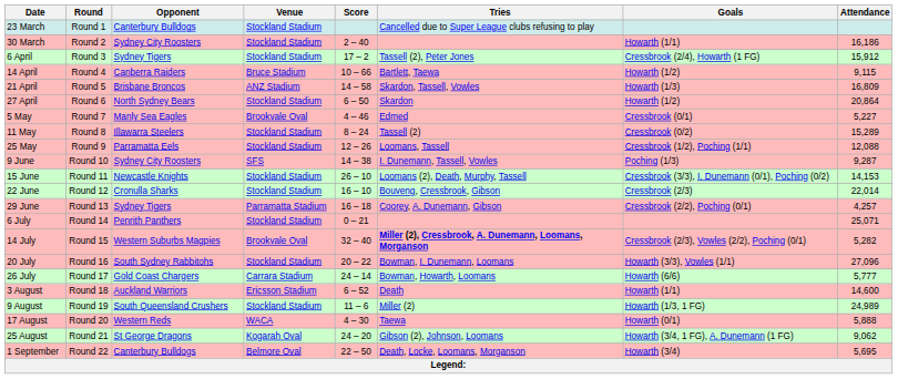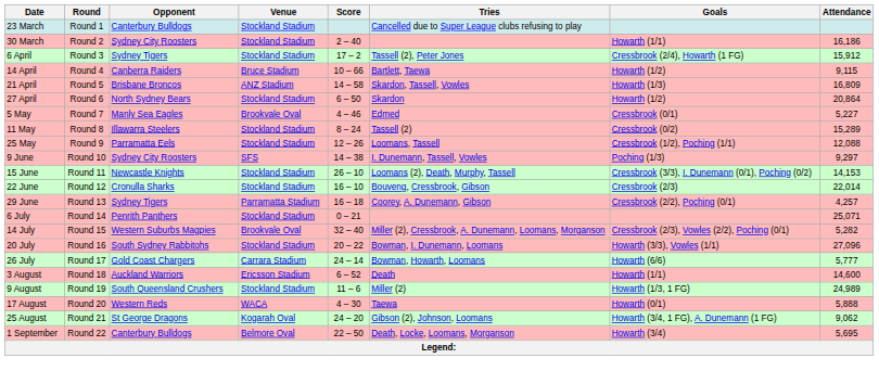 <table class="wikitable" style="font-size:75%;">
 <tr>
 <th style="width:75px;">Date</th>
 <th style="width:55px;">Round</th>
 <th style="width:170px;">Opponent</th>
 <th style="width:115px;">Venue</th>
 <th style="width:50px;">Score</th>
 <th style="width:320px;">Tries</th>
 <th style="width:280px;">Goals</th>
 <th style="width:50px;">Attendance</th>
 </tr>
 <tr style="background:#cfecec">
 <td>23 March</td>
 <td style="text-align:center;">Round 1</td>
 <td> <a href='#'>Canterbury Bulldogs</a></td>
 <td><a href='#'>Stockland Stadium</a></td>
 <td style="text-align:center;"></td>
 <td><a href='#'>Cancelled</a> due to <a href='#'>Super League</a> clubs refusing to play</td>
 <td></td>
 <td style="text-align:center;"></td>
 </tr>
 <tr style="background:#FFBBBB">
 <td>30 March</td>
 <td style="text-align:center;">Round 2</td>
 <td> <a href='#'>Sydney City Roosters</a></td>
 <td><a href='#'>Stockland Stadium</a></td>
 <td style="text-align:center;">2 – 40</td>
 <td></td>
 <td><a href='#'>Howarth</a> (1/1)</td>
 <td style="text-align:center;">16,186</td>
 </tr>
 <tr style="background:#CCFFCC">
 <td>6 April</td>
 <td style="text-align:center;">Round 3</td>
 <td> <a href='#'>Sydney Tigers</a></td>
 <td><a href='#'>Stockland Stadium</a></td>
 <td style="text-align:center;">17 – 2</td>
 <td><a href='#'>Tassell</a> (2), <a href='#'>Peter Jones</a></td>
 <td><a href='#'>Cressbrook</a> (2/4), <a href='#'>Howarth</a> (1 FG)</td>
 <td style="text-align:center;">15,912</td>
 </tr>
 <tr style="background:#FFBBBB">
 <td>14 April</td>
 <td style="text-align:center;">Round 4</td>
 <td> <a href='#'>Canberra Raiders</a></td>
 <td><a href='#'>Bruce Stadium</a></td>
 <td style="text-align:center;">10 – 66</td>
 <td><a href='#'>Bartlett</a>, <a href='#'>Taewa</a></td>
 <td><a href='#'>Howarth</a> (1/2)</td>
 <td style="text-align:center;">9,115</td>
 </tr>
 <tr style="background:#FFBBBB">
 <td>21 April</td>
 <td style="text-align:center;">Round 5</td>
 <td> <a href='#'>Brisbane Broncos</a></td>
 <td><a href='#'>ANZ Stadium</a></td>
 <td style="text-align:center;">14 – 58</td>
 <td><a href='#'>Skardon</a>, <a href='#'>Tassell</a>, <a href='#'>Vowles</a></td>
 <td><a href='#'>Howarth</a> (1/3)</td>
 <td style="text-align:center;">16,809</td>
 </tr>
 <tr style="background:#FFBBBB">
 <td>27 April</td>
 <td style="text-align:center;">Round 6</td>
 <td> <a href='#'>North Sydney Bears</a></td>
 <td><a href='#'>Stockland Stadium</a></td>
 <td style="text-align:center;">6 – 50</td>
 <td><a href='#'>Skardon</a></td>
 <td><a href='#'>Howarth</a> (1/2)</td>
 <td style="text-align:center;">20,864</td>
 </tr>
 <tr style="background:#FFBBBB">
 <td>5 May</td>
 <td style="text-align:center;">Round 7</td>
 <td> <a href='#'>Manly Sea Eagles</a></td>
 <td><a href='#'>Brookvale Oval</a></td>
 <td style="text-align:center;">4 – 46</td>
 <td><a href='#'>Edmed</a></td>
 <td><a href='#'>Cressbrook</a> (0/1)</td>
 <td style="text-align:center;">5,227</td>
 </tr>
 <tr style="background:#FFBBBB">
 <td>11 May</td>
 <td style="text-align:center;">Round 8</td>
 <td> <a href='#'>Illawarra Steelers</a></td>
 <td><a href='#'>Stockland Stadium</a></td>
 <td style="text-align:center;">8 – 24</td>
 <td><a href='#'>Tassell</a> (2)</td>
 <td><a href='#'>Cressbrook</a> (0/2)</td>
 <td style="text-align:center;">15,289</td>
 </tr>
 <tr style="background:#FFBBBB">
 <td>25 May</td>
 <td style="text-align:center;">Round 9</td>
 <td> <a href='#'>Parramatta Eels</a></td>
 <td><a href='#'>Stockland Stadium</a></td>
 <td style="text-align:center;">12 – 26</td>
 <td><a href='#'>Loomans</a>, <a href='#'>Tassell</a></td>
 <td><a href='#'>Cressbrook</a> (1/2), <a href='#'>Poching</a> (1/1)</td>
 <td style="text-align:center;">12,088</td>
 </tr>
 <tr style="background:#FFBBBB">
 <td>9 June</td>
 <td style="text-align:center;">Round 10</td>
 <td> <a href='#'>Sydney City Roosters</a></td>
 <td><a href='#'>SFS</a></td>
 <td style="text-align:center;">14 – 38</td>
 <td><a href='#'>I. Dunemann</a>, <a href='#'>Tassell</a>, <a href='#'>Vowles</a></td>
 <td><a href='#'>Poching</a> (1/3)</td>
-<td style="text-align:center;">9,287</td>
+<td style="text-align:center;">9,297</td>
 </tr>
 <tr style="background:#CCFFCC">
 <td>15 June</td>
 <td style="text-align:center;">Round 11</td>
 <td> <a href='#'>Newcastle Knights</a></td>
 <td><a href='#'>Stockland Stadium</a></td>
 <td style="text-align:center;">26 – 10</td>
 <td><a href='#'>Loomans</a> (2), <a href='#'>Death</a>, <a href='#'>Murphy</a>, <a href='#'>Tassell</a></td>
 <td><a href='#'>Cressbrook</a> (3/3), <a href='#'>I. Dunemann</a> (0/1), <a href='#'>Poching</a> (0/2)</td>
 <td style="text-align:center;">14,153</td>
 </tr>
 <tr style="background:#CCFFCC">
 <td>22 June</td>
 <td style="text-align:center;">Round 12</td>
 <td> <a href='#'>Cronulla Sharks</a></td>
 <td><a href='#'>Stockland Stadium</a></td>
 <td style="text-align:center;">16 – 10</td>
 <td><a href='#'>Bouveng</a>, <a href='#'>Cressbrook</a>, <a href='#'>Gibson</a></td>
 <td><a href='#'>Cressbrook</a> (2/3)</td>
 <td style="text-align:center;">22,014</td>
 </tr>
 <tr style="background:#FFBBBB">
 <td>29 June</td>
 <td style="text-align:center;">Round 13</td>
 <td> <a href='#'>Sydney Tigers</a></td>
 <td><a href='#'>Parramatta Stadium</a></td>
 <td style="text-align:center;">16 – 18</td>
 <td><a href='#'>Coorey</a>, <a href='#'>A. Dunemann</a>, <a href='#'>Gibson</a></td>
 <td><a href='#'>Cressbrook</a> (2/2), <a href='#'>Poching</a> (0/1)</td>
 <td style="text-align:center;">4,257</td>
 </tr>
 <tr style="background:#FFBBBB">
 <td>6 July</td>
 <td style="text-align:center;">Round 14</td>
 <td> <a href='#'>Penrith Panthers</a></td>
 <td><a href='#'>Stockland Stadium</a></td>
 <td style="text-align:center;">0 – 21</td>
 <td></td>
 <td></td>
 <td style="text-align:center;">25,071</td>
 </tr>
 <tr style="background:#FFBBBB">
 <td>14 July</td>
 <td style="text-align:center;">Round 15</td>
 <td> <a href='#'>Western Suburbs Magpies</a></td>
 <td><a href='#'>Brookvale Oval</a></td>
 <td style="text-align:center;">32 – 40</td>
-<td><strong><a href='#'>Miller</a> (2), <a href='#'>Cressbrook</a>, <a href='#'>A. Dunemann</a>, <a href='#'>Loomans</a>, <a href='#'>Morganson</a></strong></td>
+<td><a href='#'>Miller</a> (2), <a href='#'>Cressbrook</a>, <a href='#'>A. Dunemann</a>, <a href='#'>Loomans</a>, <a href='#'>Morganson</a></td>
 <td><a href='#'>Cressbrook</a> (2/3), <a href='#'>Vowles</a> (2/2), <a href='#'>Poching</a> (0/1)</td>
 <td style="text-align:center;">5,282</td>
 </tr>
 <tr style="background:#FFBBBB">
 <td>20 July</td>
 <td style="text-align:center;">Round 16</td>
 <td> <a href='#'>South Sydney Rabbitohs</a></td>
 <td><a href='#'>Stockland Stadium</a></td>
 <td style="text-align:center;">20 – 22</td>
 <td><a href='#'>Bowman</a>, <a href='#'>I. Dunemann</a>, <a href='#'>Loomans</a></td>
 <td><a href='#'>Howarth</a> (3/3), <a href='#'>Vowles</a> (1/1)</td>
 <td style="text-align:center;">27,096</td>
 </tr>
 <tr style="background:#CCFFCC">
 <td>26 July</td>
 <td style="text-align:center;">Round 17</td>
 <td> <a href='#'>Gold Coast Chargers</a></td>
 <td><a href='#'>Carrara Stadium</a></td>
 <td style="text-align:center;">24 – 14</td>
 <td><a href='#'>Bowman</a>, <a href='#'>Howarth</a>, <a href='#'>Loomans</a></td>
 <td><a href='#'>Howarth</a> (6/6)</td>
 <td style="text-align:center;">5,777</td>
 </tr>
 <tr style="background:#FFBBBB">
 <td>3 August</td>
 <td style="text-align:center;">Round 18</td>
 <td> <a href='#'>Auckland Warriors</a></td>
 <td><a href='#'>Ericsson Stadium</a></td>
 <td style="text-align:center;">6 – 52</td>
 <td><a href='#'>Death</a></td>
 <td><a href='#'>Howarth</a> (1/1)</td>
 <td style="text-align:center;">14,600</td>
 </tr>
 <tr style="background:#CCFFCC">
 <td>9 August</td>
 <td style="text-align:center;">Round 19</td>
 <td> <a href='#'>South Queensland Crushers</a></td>
 <td><a href='#'>Stockland Stadium</a></td>
 <td style="text-align:center;">11 – 6</td>
 <td><a href='#'>Miller</a> (2)</td>
 <td><a href='#'>Howarth</a> (1/3, 1 FG)</td>
 <td style="text-align:center;">24,989</td>
 </tr>
 <tr style="background:#FFBBBB">
 <td>17 August</td>
 <td style="text-align:center;">Round 20</td>
 <td> <a href='#'>Western Reds</a></td>
 <td><a href='#'>WACA</a></td>
 <td style="text-align:center;">4 – 30</td>
 <td><a href='#'>Taewa</a></td>
 <td><a href='#'>Howarth</a> (0/1)</td>
 <td style="text-align:center;">5,888</td>
 </tr>
 <tr style="background:#CCFFCC">
 <td>25 August</td>
 <td style="text-align:center;">Round 21</td>
 <td> <a href='#'>St George Dragons</a></td>
 <td><a href='#'>Kogarah Oval</a></td>
 <td style="text-align:center;">24 – 20</td>
 <td><a href='#'>Gibson</a> (2), <a href='#'>Johnson</a>, <a href='#'>Loomans</a></td>
 <td><a href='#'>Howarth</a> (3/4, 1 FG), <a href='#'>A. Dunemann</a> (1 FG)</td>
 <td style="text-align:center;">9,062</td>
 </tr>
 <tr style="background:#FFBBBB">
 <td>1 September</td>
 <td style="text-align:center;">Round 22</td>
 <td> <a href='#'>Canterbury Bulldogs</a></td>
 <td><a href='#'>Belmore Oval</a></td>
 <td style="text-align:center;">22 – 50</td>
 <td><a href='#'>Death</a>, <a href='#'>Locke</a>, <a href='#'>Loomans</a>, <a href='#'>Morganson</a></td>
 <td><a href='#'>Howarth</a> (3/4)</td>
 <td style="text-align:center;">5,695</td>
 </tr>
 <tr>
 <th colspan="11"><strong>Legend</strong>:    </th>
 </tr>
 </table>
